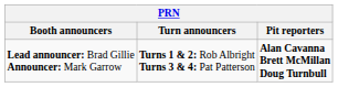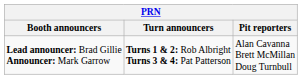 <table class="wikitable" style="font-size: 95%;">
 <tr>
 <th colspan="3"><a href='#'>PRN</a></th>
 </tr>
 <tr>
 <th>Booth announcers</th>
 <th>Turn announcers</th>
 <th>Pit reporters</th>
 </tr>
 <tr>
 <td><strong>Lead announcer:</strong> Brad Gillie <br><strong>Announcer:</strong> Mark Garrow</td>
 <td><strong>Turns 1 & 2:</strong> Rob Albright<br><strong>Turns 3 & 4:</strong> Pat Patterson</td>
-<td><strong>Alan Cavanna<br>Brett McMillan<br>Doug Turnbull</strong></td>
+<td>Alan Cavanna<br>Brett McMillan<br>Doug Turnbull</td>
 </tr>
 </table>
